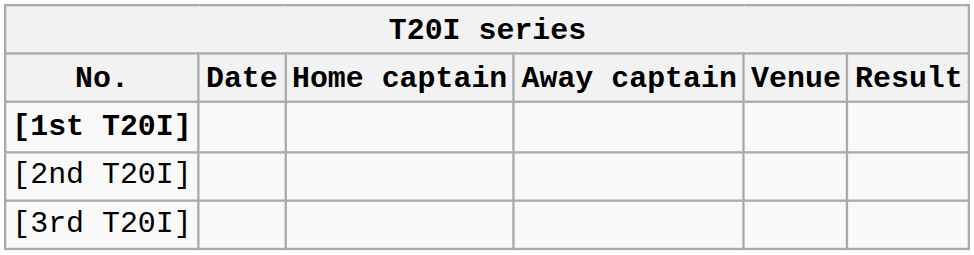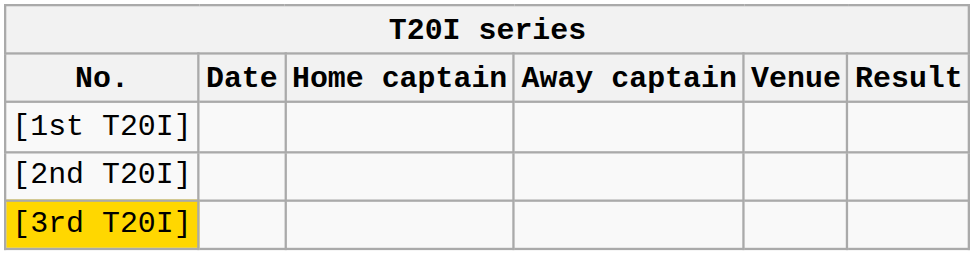 <table class="wikitable">
 <tr>
 <th colspan="9">T20I series</th>
 </tr>
 <tr>
 <th>No.</th>
 <th>Date</th>
 <th>Home captain</th>
 <th>Away captain</th>
 <th>Venue</th>
 <th>Result</th>
 </tr>
 <tr>
-<td><strong>[1st T20I]</strong></td>
+<td>[1st T20I]</td>
 <td></td>
 <td></td>
 <td></td>
 <td></td>
 <td></td>
 </tr>
 <tr>
 <td>[2nd T20I]</td>
 <td></td>
 <td></td>
 <td></td>
 <td></td>
 <td></td>
 </tr>
 <tr>
-<td>[3rd T20I]</td>
+<td style="background: gold;">[3rd T20I]</td>
 <td></td>
 <td></td>
 <td></td>
 <td></td>
 <td></td>
 </tr>
 </table>
